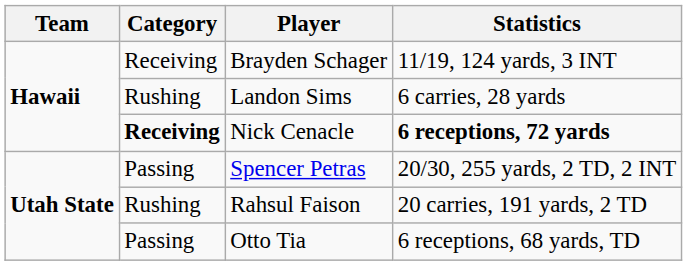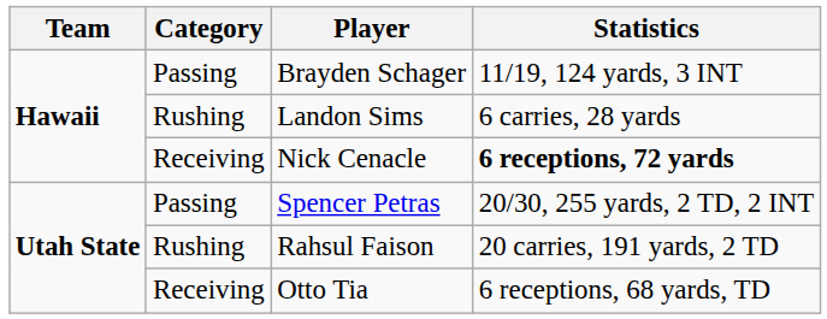 <table class="wikitable" style="float: right;">
 <tr>
 <th>Team</th>
 <th>Category</th>
 <th>Player</th>
 <th>Statistics</th>
 </tr>
 <tr>
 <td rowspan=3><strong>Hawaii</strong></td>
-<td>Receiving</td>
+<td>Passing</td>
 <td>Brayden Schager</td>
 <td>11/19, 124 yards, 3 INT</td>
 </tr>
 <tr>
 <td>Rushing</td>
 <td>Landon Sims</td>
 <td>6 carries, 28 yards</td>
 </tr>
 <tr>
-<td><strong>Receiving</strong></td>
+<td>Receiving</td>
 <td>Nick Cenacle</td>
 <td><strong>6 receptions, 72 yards</strong></td>
 </tr>
 <tr>
 <td rowspan=3><strong>Utah State</strong></td>
 <td>Passing</td>
 <td><a href='#'>Spencer Petras</a></td>
 <td>20/30, 255 yards, 2 TD, 2 INT</td>
 </tr>
 <tr>
 <td>Rushing</td>
 <td>Rahsul Faison</td>
 <td>20 carries, 191 yards, 2 TD</td>
 </tr>
 <tr>
-<td>Passing</td>
+<td>Receiving</td>
 <td>Otto Tia</td>
 <td>6 receptions, 68 yards, TD</td>
 </tr>
 </table>
